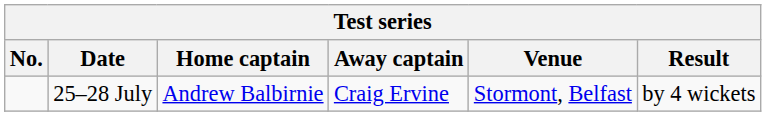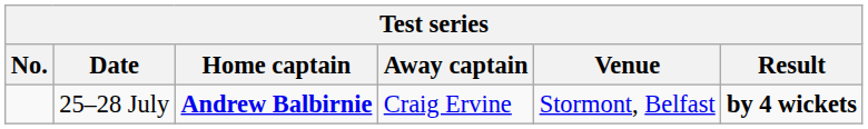 <table class="wikitable">
 <tr>
 <th colspan="9">Test series</th>
 </tr>
 <tr>
 <th>No.</th>
 <th>Date</th>
 <th>Home captain</th>
 <th>Away captain</th>
 <th>Venue</th>
 <th>Result</th>
 </tr>
 <tr>
 <td></td>
 <td>25–28 July</td>
-<td><a href='#'>Andrew Balbirnie</a></td>
+<td><strong><a href='#'>Andrew Balbirnie</a></strong></td>
 <td><a href='#'>Craig Ervine</a></td>
 <td><a href='#'>Stormont</a>, <a href='#'>Belfast</a></td>
-<td> by 4 wickets</td>
+<td><strong> by 4 wickets</strong></td>
 </tr>
 </table>
